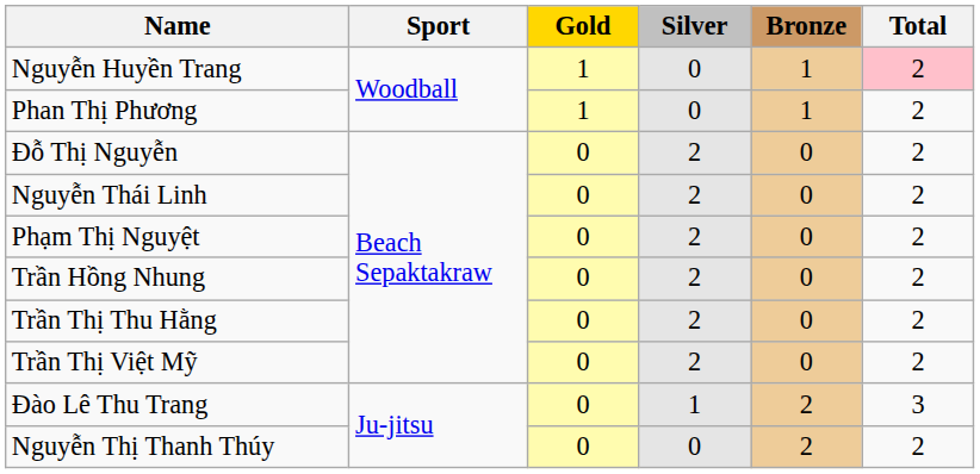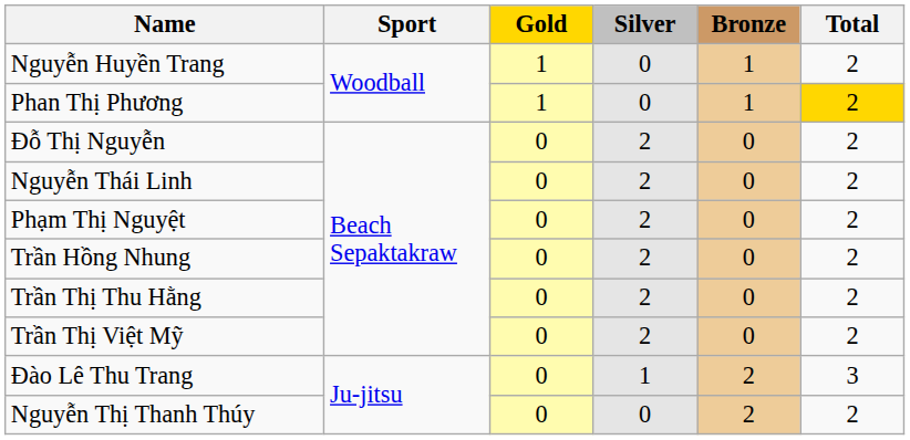 <table class="wikitable" style="text-align:center;">
 <tr>
 <th width=200>Name</th>
 <th width=100>Sport</th>
 <td bgcolor=gold width=60><strong>Gold</strong></td>
 <td bgcolor=silver width=60><strong>Silver</strong></td>
 <td bgcolor=#cc9966 width=60><strong>Bronze</strong></td>
 <th width=60>Total</th>
 </tr>
 <tr>
 <td align=left>Nguyễn Huyền Trang</td>
 <td align=left rowspan=2><a href='#'>Woodball</a></td>
 <td bgcolor=#fffcaf>1</td>
 <td bgcolor=#e5e5e5>0</td>
 <td bgcolor=#eecc99>1</td>
-<td style="background: pink;">2</td>
+<td>2</td>
 </tr>
 <tr>
 <td align=left>Phan Thị Phương</td>
 <td bgcolor=#fffcaf>1</td>
 <td bgcolor=#e5e5e5>0</td>
 <td bgcolor=#eecc99>1</td>
-<td>2</td>
+<td style="background: gold;">2</td>
 </tr>
 <tr>
 <td align=left>Đỗ Thị Nguyễn</td>
 <td align=left rowspan=6><a href='#'>Beach Sepaktakraw</a></td>
 <td bgcolor=#fffcaf>0</td>
 <td bgcolor=#e5e5e5>2</td>
 <td bgcolor=#eecc99>0</td>
 <td>2</td>
 </tr>
 <tr>
 <td align=left>Nguyễn Thái Linh</td>
 <td bgcolor=#fffcaf>0</td>
 <td bgcolor=#e5e5e5>2</td>
 <td bgcolor=#eecc99>0</td>
 <td>2</td>
 </tr>
 <tr>
 <td align=left>Phạm Thị Nguyệt</td>
 <td bgcolor=#fffcaf>0</td>
 <td bgcolor=#e5e5e5>2</td>
 <td bgcolor=#eecc99>0</td>
 <td>2</td>
 </tr>
 <tr>
 <td align=left>Trần Hồng Nhung</td>
 <td bgcolor=#fffcaf>0</td>
 <td bgcolor=#e5e5e5>2</td>
 <td bgcolor=#eecc99>0</td>
 <td>2</td>
 </tr>
 <tr>
 <td align=left>Trần Thị Thu Hằng</td>
 <td bgcolor=#fffcaf>0</td>
 <td bgcolor=#e5e5e5>2</td>
 <td bgcolor=#eecc99>0</td>
 <td>2</td>
 </tr>
 <tr>
 <td align=left>Trần Thị Việt Mỹ</td>
 <td bgcolor=#fffcaf>0</td>
 <td bgcolor=#e5e5e5>2</td>
 <td bgcolor=#eecc99>0</td>
 <td>2</td>
 </tr>
 <tr>
 <td align=left>Đào Lê Thu Trang</td>
 <td align=left rowspan=2><a href='#'>Ju-jitsu</a></td>
 <td bgcolor=#fffcaf>0</td>
 <td bgcolor=#e5e5e5>1</td>
 <td bgcolor=#eecc99>2</td>
 <td>3</td>
 </tr>
 <tr>
 <td align=left>Nguyễn Thị Thanh Thúy</td>
 <td bgcolor=#fffcaf>0</td>
 <td bgcolor=#e5e5e5>0</td>
 <td bgcolor=#eecc99>2</td>
 <td>2</td>
 </tr>
 </table>
